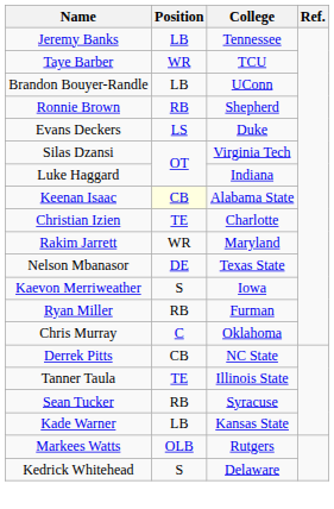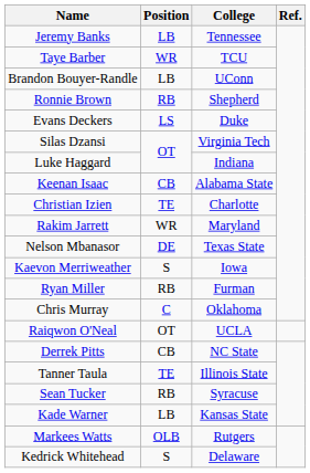 <table class="wikitable" style="text-align:center">
 <tr>
 <th>Name</th>
 <th>Position</th>
 <th>College</th>
 <th>Ref.</th>
 </tr>
 <tr>
 <td><a href='#'>Jeremy Banks</a></td>
 <td><a href='#'>LB</a></td>
 <td><a href='#'>Tennessee</a></td>
 <td rowspan="14"></td>
 </tr>
 <tr>
 <td><a href='#'>Taye Barber</a></td>
 <td><a href='#'>WR</a></td>
 <td><a href='#'>TCU</a></td>
 </tr>
 <tr>
 <td>Brandon Bouyer-Randle</td>
 <td>LB</td>
 <td><a href='#'>UConn</a></td>
 </tr>
 <tr>
 <td><a href='#'>Ronnie Brown</a></td>
 <td><a href='#'>RB</a></td>
 <td><a href='#'>Shepherd</a></td>
 </tr>
 <tr>
 <td>Evans Deckers</td>
 <td><a href='#'>LS</a></td>
 <td><a href='#'>Duke</a></td>
 </tr>
 <tr>
 <td>Silas Dzansi</td>
 <td rowspan="2"><a href='#'>OT</a></td>
 <td><a href='#'>Virginia Tech</a></td>
 </tr>
 <tr>
 <td>Luke Haggard</td>
 <td><a href='#'>Indiana</a></td>
 </tr>
 <tr>
 <td><a href='#'>Keenan Isaac</a></td>
-<td style="background: lightyellow;"><a href='#'>CB</a></td>
+<td><a href='#'>CB</a></td>
 <td><a href='#'>Alabama State</a></td>
 </tr>
 <tr>
 <td><a href='#'>Christian Izien</a></td>
 <td><a href='#'>TE</a></td>
 <td><a href='#'>Charlotte</a></td>
 </tr>
 <tr>
 <td><a href='#'>Rakim Jarrett</a></td>
 <td>WR</td>
 <td><a href='#'>Maryland</a></td>
 </tr>
 <tr>
 <td>Nelson Mbanasor</td>
 <td><a href='#'>DE</a></td>
 <td><a href='#'>Texas State</a></td>
 </tr>
 <tr>
 <td><a href='#'>Kaevon Merriweather</a></td>
 <td>S</td>
 <td><a href='#'>Iowa</a></td>
 </tr>
 <tr>
 <td><a href='#'>Ryan Miller</a></td>
 <td>RB</td>
 <td><a href='#'>Furman</a></td>
 </tr>
 <tr>
 <td>Chris Murray</td>
 <td><a href='#'>C</a></td>
 <td><a href='#'>Oklahoma</a></td>
+</tr>
+<tr>
+<td><a href='#'>Raiqwon O'Neal</a></td>
+<td>OT</td>
+<td><a href='#'>UCLA</a></td>
+<td></td>
 </tr>
 <tr>
 <td><a href='#'>Derrek Pitts</a></td>
 <td>CB</td>
 <td><a href='#'>NC State</a></td>
 <td rowspan="4"></td>
 </tr>
 <tr>
 <td>Tanner Taula</td>
 <td><a href='#'>TE</a></td>
 <td><a href='#'>Illinois State</a></td>
 </tr>
 <tr>
 <td><a href='#'>Sean Tucker</a></td>
 <td>RB</td>
 <td><a href='#'>Syracuse</a></td>
 </tr>
 <tr>
 <td><a href='#'>Kade Warner</a></td>
 <td>LB</td>
 <td><a href='#'>Kansas State</a></td>
 </tr>
 <tr>
 <td><a href='#'>Markees Watts</a></td>
 <td><a href='#'>OLB</a></td>
 <td><a href='#'>Rutgers</a></td>
 <td rowspan="2"></td>
 </tr>
 <tr>
 <td>Kedrick Whitehead</td>
 <td>S</td>
 <td><a href='#'>Delaware</a></td>
 </tr>
 </table>
